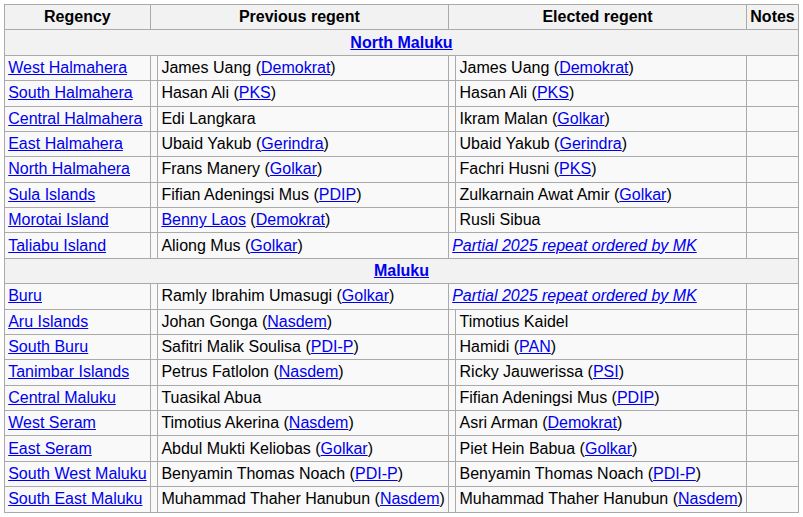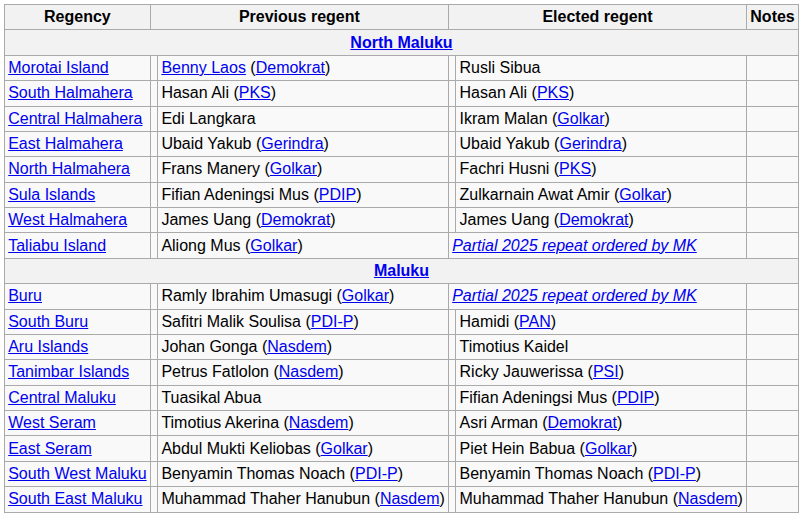 <table class="wikitable">
 <tr>
 <th>Regency</th>
 <th colspan=2>Previous regent</th>
 <th colspan=2>Elected regent</th>
 <th>Notes</th>
 </tr>
 <tr>
 <th colspan=6><a href='#'>North Maluku</a></th>
 </tr>
 <tr>
-<td><a href='#'>West Halmahera</a></td>
+<td><a href='#'>Morotai Island</a></td>
 <td style="background:"></td>
-<td>James Uang (<a href='#'>Demokrat</a>)</td>
+<td><a href='#'>Benny Laos</a> (<a href='#'>Demokrat</a>)</td>
 <td style="background:"></td>
-<td>James Uang (<a href='#'>Demokrat</a>)</td>
+<td>Rusli Sibua</td>
 <td></td>
 </tr>
 <tr>
 <td><a href='#'>South Halmahera</a></td>
 <td style="background:"></td>
 <td>Hasan Ali (<a href='#'>PKS</a>)</td>
 <td style="background:"></td>
 <td>Hasan Ali (<a href='#'>PKS</a>)</td>
 <td></td>
 </tr>
 <tr>
 <td><a href='#'>Central Halmahera</a></td>
 <td style="background:"></td>
 <td>Edi Langkara</td>
 <td style="background:"></td>
 <td>Ikram Malan (<a href='#'>Golkar</a>)</td>
 <td></td>
 </tr>
 <tr>
 </tr>
 <tr>
 <td><a href='#'>East Halmahera</a></td>
 <td style="background:"></td>
 <td>Ubaid Yakub (<a href='#'>Gerindra</a>)</td>
 <td style="background:"></td>
 <td>Ubaid Yakub (<a href='#'>Gerindra</a>)</td>
 <td></td>
 </tr>
 <tr>
 <td><a href='#'>North Halmahera</a></td>
 <td style="background:"></td>
 <td>Frans Manery (<a href='#'>Golkar</a>)</td>
 <td style="background:"></td>
 <td>Fachri Husni (<a href='#'>PKS</a>)</td>
 <td></td>
 </tr>
 <tr>
 <td><a href='#'>Sula Islands</a></td>
 <td style="background:"></td>
 <td>Fifian Adeningsi Mus (<a href='#'>PDIP</a>)</td>
 <td style="background:"></td>
 <td>Zulkarnain Awat Amir (<a href='#'>Golkar</a>)</td>
 <td></td>
 </tr>
 <tr>
-<td><a href='#'>Morotai Island</a></td>
+<td><a href='#'>West Halmahera</a></td>
 <td style="background:"></td>
-<td><a href='#'>Benny Laos</a> (<a href='#'>Demokrat</a>)</td>
+<td>James Uang (<a href='#'>Demokrat</a>)</td>
 <td style="background:"></td>
-<td>Rusli Sibua</td>
+<td>James Uang (<a href='#'>Demokrat</a>)</td>
 <td></td>
 </tr>
 <tr>
 <td><a href='#'>Taliabu Island</a></td>
 <td style="background:"></td>
 <td>Aliong Mus (<a href='#'>Golkar</a>)</td>
 <td colspan=2><em><a href='#'>Partial 2025 repeat ordered by MK</a></em></td>
 <td></td>
 </tr>
 <tr>
 <th colspan=6><a href='#'>Maluku</a></th>
 </tr>
 <tr>
 <td><a href='#'>Buru</a></td>
 <td style="background:"></td>
 <td>Ramly Ibrahim Umasugi (<a href='#'>Golkar</a>)</td>
 <td colspan=2><em><a href='#'>Partial 2025 repeat ordered by MK</a></em></td>
 <td></td>
 </tr>
 <tr>
+<td><a href='#'>South Buru</a></td>
+<td style="background:"></td>
+<td>Safitri Malik Soulisa (<a href='#'>PDI-P</a>)</td>
+<td style="background:"></td>
+<td>Hamidi (<a href='#'>PAN</a>)</td>
+<td></td>
+</tr>
+<tr>
 <td><a href='#'>Aru Islands</a></td>
 <td style="background:"></td>
 <td>Johan Gonga (<a href='#'>Nasdem</a>)</td>
 <td style="background:"></td>
 <td>Timotius Kaidel</td>
-<td></td>
-</tr>
-<tr>
-<td><a href='#'>South Buru</a></td>
-<td style="background:"></td>
-<td>Safitri Malik Soulisa (<a href='#'>PDI-P</a>)</td>
-<td style="background:"></td>
-<td>Hamidi (<a href='#'>PAN</a>)</td>
 <td></td>
 </tr>
 <tr>
 <td><a href='#'>Tanimbar Islands</a></td>
 <td style="background:"></td>
 <td>Petrus Fatlolon (<a href='#'>Nasdem</a>)</td>
 <td style="background:"></td>
 <td>Ricky Jauwerissa (<a href='#'>PSI</a>)</td>
 <td></td>
 </tr>
 <tr>
 <td><a href='#'>Central Maluku</a></td>
 <td style="background:"></td>
 <td>Tuasikal Abua</td>
 <td style="background:"></td>
 <td>Fifian Adeningsi Mus (<a href='#'>PDIP</a>)</td>
 <td></td>
 </tr>
 <tr>
 <td><a href='#'>West Seram</a></td>
 <td style="background:"></td>
 <td>Timotius Akerina (<a href='#'>Nasdem</a>)</td>
 <td style="background:"></td>
 <td>Asri Arman (<a href='#'>Demokrat</a>)</td>
 <td></td>
 </tr>
 <tr>
 <td><a href='#'>East Seram</a></td>
 <td style="background:"></td>
 <td>Abdul Mukti Keliobas (<a href='#'>Golkar</a>)</td>
 <td style="background:"></td>
 <td>Piet Hein Babua (<a href='#'>Golkar</a>)</td>
 <td></td>
 </tr>
 <tr>
 <td><a href='#'>South West Maluku</a></td>
 <td style="background:"></td>
 <td>Benyamin Thomas Noach (<a href='#'>PDI-P</a>)</td>
 <td style="background:"></td>
 <td>Benyamin Thomas Noach (<a href='#'>PDI-P</a>)</td>
 <td></td>
 </tr>
 <tr>
 <td><a href='#'>South East Maluku</a></td>
 <td style="background:"></td>
 <td>Muhammad Thaher Hanubun (<a href='#'>Nasdem</a>)</td>
 <td style="background:"></td>
 <td>Muhammad Thaher Hanubun (<a href='#'>Nasdem</a>)</td>
 <td></td>
 </tr>
 </table>
